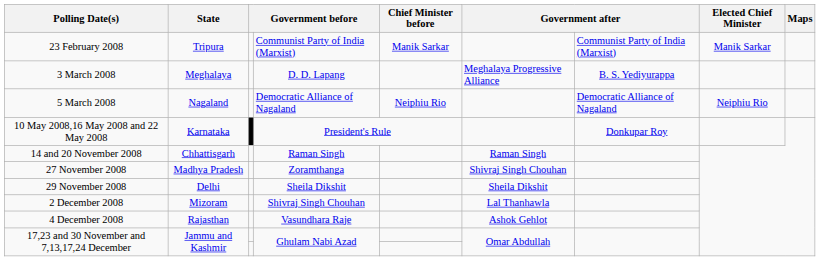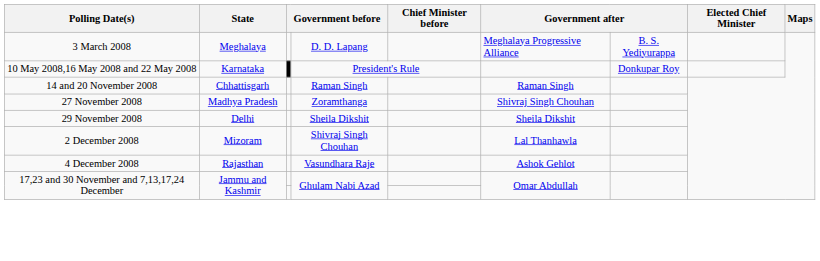 <table class="wikitable sortable">
 <tr>
 <th>Polling Date(s)</th>
 <th>State</th>
 <th colspan="2">Government before</th>
 <th>Chief Minister before</th>
 <th colspan="2">Government after</th>
 <th>Elected Chief Minister</th>
 <th>Maps</th>
 </tr>
 <tr style="text-align:center;">
-<td>23 February 2008</td>
-<td><a href='#'>Tripura</a></td>
-<td></td>
-<td align="left"><a href='#'>Communist Party of India (Marxist)</a></td>
-<td><a href='#'>Manik Sarkar</a></td>
-<td></td>
-<td align="left"><a href='#'>Communist Party of India (Marxist)</a></td>
-<td><a href='#'>Manik Sarkar</a></td>
-<td></td>
-</tr>
-<tr style="text-align:center;">
 <td>3 March 2008</td>
 <td><a href='#'>Meghalaya</a></td>
 <td></td>
 <td><a href='#'>D. D. Lapang</a></td>
 <td></td>
 <td align="left"><a href='#'>Meghalaya Progressive Alliance</a></td>
 <td><a href='#'>B. S. Yediyurappa</a></td>
-<td></td>
-</tr>
-<tr style="text-align:center;">
-<td>5 March 2008</td>
-<td><a href='#'>Nagaland</a></td>
-<td></td>
-<td align="left"><a href='#'>Democratic Alliance of Nagaland</a></td>
-<td><a href='#'>Neiphiu Rio</a></td>
-<td></td>
-<td align="left"><a href='#'>Democratic Alliance of Nagaland</a></td>
-<td><a href='#'>Neiphiu Rio</a></td>
 <td></td>
 </tr>
 <tr style="text-align:center;">
 <td>10 May 2008,16 May 2008 and 22 May 2008</td>
 <td><a href='#'>Karnataka</a></td>
 <td bgcolor="#000000"></td>
 <td colspan="2" align="center"><a href='#'>President's Rule</a></td>
 <td></td>
 <td><a href='#'>Donkupar Roy</a></td>
 <td></td>
 </tr>
 <tr style="text-align:center;">
 <td>14 and 20 November 2008</td>
 <td><a href='#'>Chhattisgarh</a></td>
 <td></td>
 <td><a href='#'>Raman Singh</a></td>
 <td></td>
 <td><a href='#'>Raman Singh</a></td>
 <td></td>
 </tr>
 <tr style="text-align:center;">
 <td>27 November 2008</td>
 <td><a href='#'>Madhya Pradesh</a></td>
 <td></td>
 <td><a href='#'>Zoramthanga</a></td>
 <td></td>
 <td><a href='#'>Shivraj Singh Chouhan</a></td>
 <td></td>
 </tr>
 <tr style="text-align:center;">
 <td>29 November 2008</td>
 <td><a href='#'>Delhi</a></td>
 <td></td>
 <td><a href='#'>Sheila Dikshit</a></td>
 <td></td>
 <td><a href='#'>Sheila Dikshit</a></td>
 <td></td>
 </tr>
 <tr style="text-align:center;">
 <td>2 December 2008</td>
 <td><a href='#'>Mizoram</a></td>
 <td></td>
 <td><a href='#'>Shivraj Singh Chouhan</a></td>
 <td></td>
 <td><a href='#'>Lal Thanhawla</a></td>
 <td></td>
 </tr>
 <tr style="text-align:center;">
 <td>4 December 2008</td>
 <td><a href='#'>Rajasthan</a></td>
 <td></td>
 <td><a href='#'>Vasundhara Raje</a></td>
 <td></td>
 <td><a href='#'>Ashok Gehlot</a></td>
 <td></td>
 </tr>
 <tr style="text-align:center;">
 <td rowspan="2">17,23 and 30 November and 7,13,17,24 December</td>
 <td rowspan="2"><a href='#'>Jammu and Kashmir</a></td>
 <td></td>
 <td rowspan="2"><a href='#'>Ghulam Nabi Azad</a></td>
 <td></td>
 <td rowspan="2"><a href='#'>Omar Abdullah</a></td>
 <td rowspan="2"></td>
 </tr>
 <tr style="text-align:center;">
 <td></td>
 <td></td>
 </tr>
 </table>
